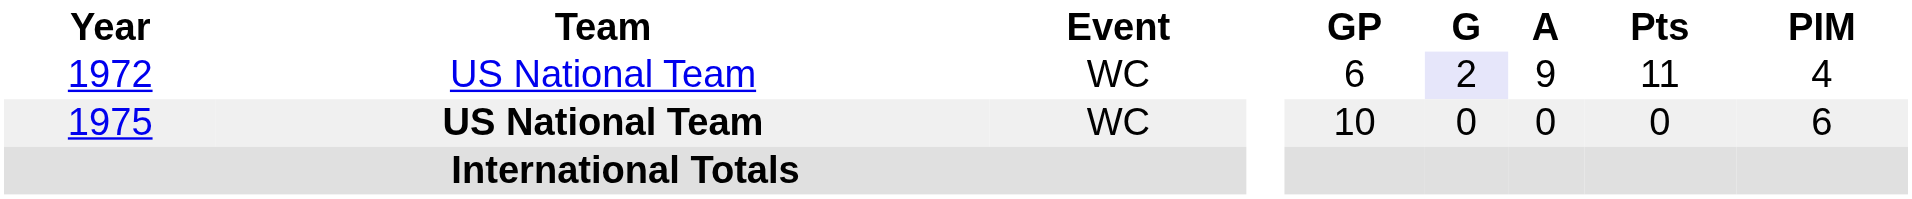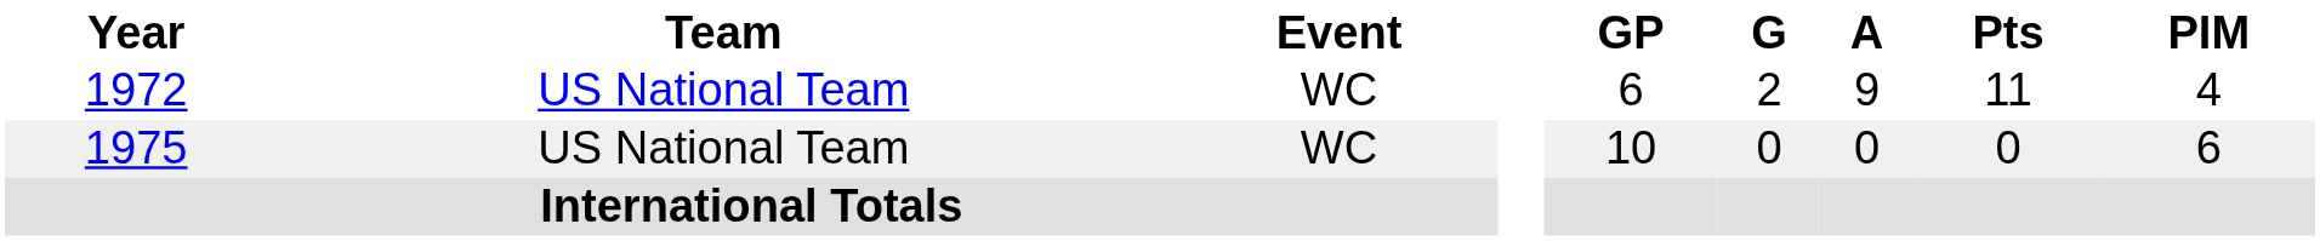 <table cellspacing="0" cellpadding="1" border="0" style="text-align:center; width:50em">
 <tr>
 <th>Year</th>
 <th>Team</th>
 <th>Event</th>
 <th rowspan="93" bgcolor="#ffffff" align="center"> </th>
 <th>GP</th>
 <th>G</th>
 <th>A</th>
 <th>Pts</th>
 <th>PIM</th>
 </tr>
 <tr>
 <td><a href='#'>1972</a></td>
 <td><a href='#'>US National Team</a></td>
 <td>WC</td>
 <td>6</td>
-<td style="background: lavender;">2</td>
+<td>2</td>
 <td>9</td>
 <td>11</td>
 <td>4</td>
 </tr>
 <tr bgcolor="#f0f0f0">
 <td><a href='#'>1975</a></td>
-<td><strong>US National Team</strong></td>
+<td>US National Team</td>
 <td>WC</td>
 <td>10</td>
 <td>0</td>
 <td>0</td>
 <td>0</td>
 <td>6</td>
 </tr>
 <tr bgcolor="#e0e0e0">
 <th colspan="3">International Totals</th>
 <th></th>
 <th></th>
 <th></th>
 <th></th>
 <th></th>
 </tr>
 </table>
